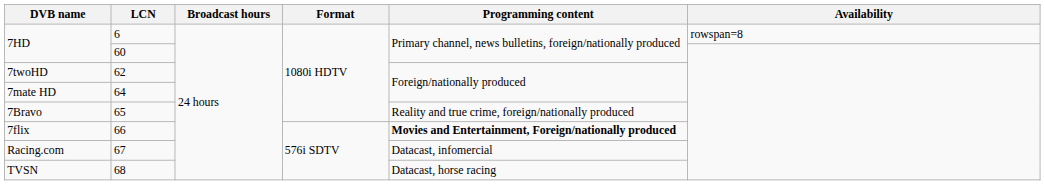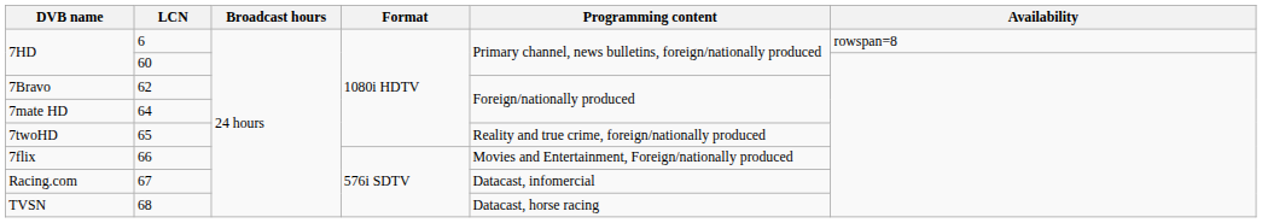 <table class="wikitable" style="font-size:90%; width:100%;">
 <tr>
 <th width="10%">DVB name</th>
 <th width="6%">LCN</th>
 <th width="10%">Broadcast hours</th>
 <th width="10%">Format</th>
 <th width="28%">Programming content</th>
 <th width="33%">Availability</th>
 </tr>
 <tr>
 <td rowspan=2>7HD</td>
 <td>6</td>
 <td rowspan=8>24 hours</td>
 <td rowspan=5>1080i HDTV<br></td>
 <td rowspan=2>Primary channel, news bulletins, foreign/nationally produced </td>
 <td>rowspan=8 </td>
 </tr>
 <tr>
 <td>60</td>
 </tr>
 <tr>
-<td>7twoHD</td>
+<td>7Bravo</td>
 <td>62</td>
 <td rowspan=2>Foreign/nationally produced </td>
 </tr>
 <tr>
 <td>7mate HD</td>
 <td>64</td>
 </tr>
 <tr>
-<td>7Bravo</td>
+<td>7twoHD</td>
 <td>65</td>
 <td>Reality and true crime, foreign/nationally produced </td>
 </tr>
 <tr>
 <td>7flix</td>
 <td>66</td>
 <td rowspan=3>576i SDTV<br></td>
-<td><strong>Movies and Entertainment, Foreign/nationally produced</strong></td>
+<td>Movies and Entertainment, Foreign/nationally produced</td>
 </tr>
 <tr>
 <td>Racing.com</td>
 <td>67</td>
 <td>Datacast, infomercial </td>
 </tr>
 <tr>
 <td>TVSN</td>
 <td>68</td>
 <td>Datacast, horse racing </td>
 </tr>
 </table>
